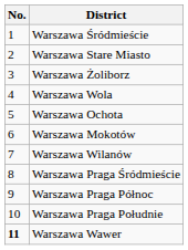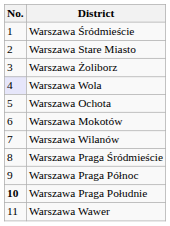 <table class="wikitable">
 <tr>
 <th>No.</th>
 <th>District</th>
 </tr>
 <tr>
 <td>1</td>
 <td>Warszawa Śródmieście</td>
 </tr>
 <tr>
 <td>2</td>
 <td>Warszawa Stare Miasto</td>
 </tr>
 <tr>
 <td>3</td>
 <td>Warszawa Żoliborz</td>
 </tr>
 <tr>
-<td>4</td>
+<td style="background: lavender;">4</td>
 <td>Warszawa Wola</td>
 </tr>
 <tr>
 <td>5</td>
 <td>Warszawa Ochota</td>
 </tr>
 <tr>
 <td>6</td>
 <td>Warszawa Mokotów</td>
 </tr>
 <tr>
 <td>7</td>
 <td>Warszawa Wilanów</td>
 </tr>
 <tr>
 <td>8</td>
 <td>Warszawa Praga Śródmieście</td>
 </tr>
 <tr>
 <td>9</td>
 <td>Warszawa Praga Północ</td>
 </tr>
 <tr>
-<td>10</td>
+<td><strong>10</strong></td>
 <td>Warszawa Praga Południe</td>
 </tr>
 <tr>
-<td><strong>11</strong></td>
+<td>11</td>
 <td>Warszawa Wawer</td>
 </tr>
 </table>
